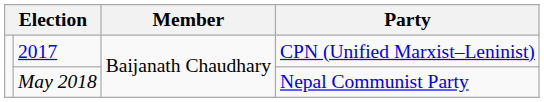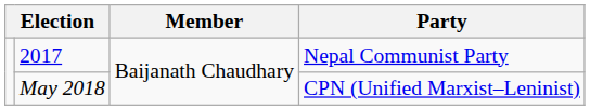 <table class="wikitable">
 <tr>
 <th colspan="2">Election</th>
 <th>Member</th>
 <th>Party</th>
 </tr>
 <tr>
 <td rowspan="2" style="background-color:"></td>
 <td><a href='#'>2017</a></td>
 <td rowspan="2">Baijanath Chaudhary</td>
-<td><a href='#'>CPN (Unified Marxist–Leninist)</a></td>
+<td><a href='#'>Nepal Communist Party</a></td>
 </tr>
 <tr>
 <td><em>May 2018</em></td>
-<td><a href='#'>Nepal Communist Party</a></td>
+<td><a href='#'>CPN (Unified Marxist–Leninist)</a></td>
 </tr>
 </table>
